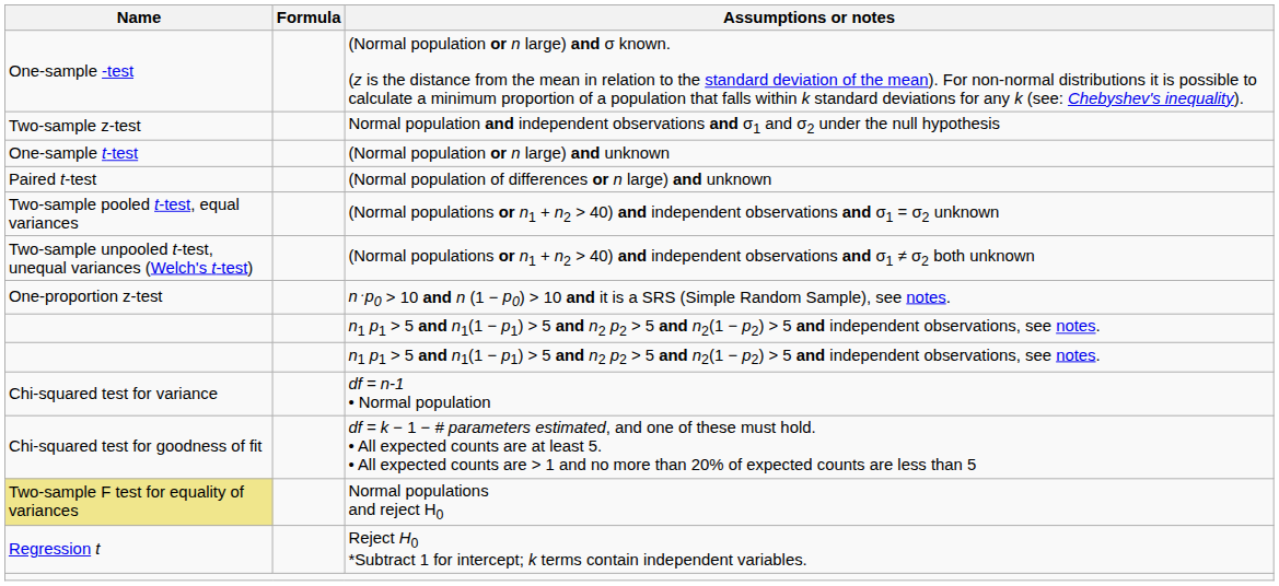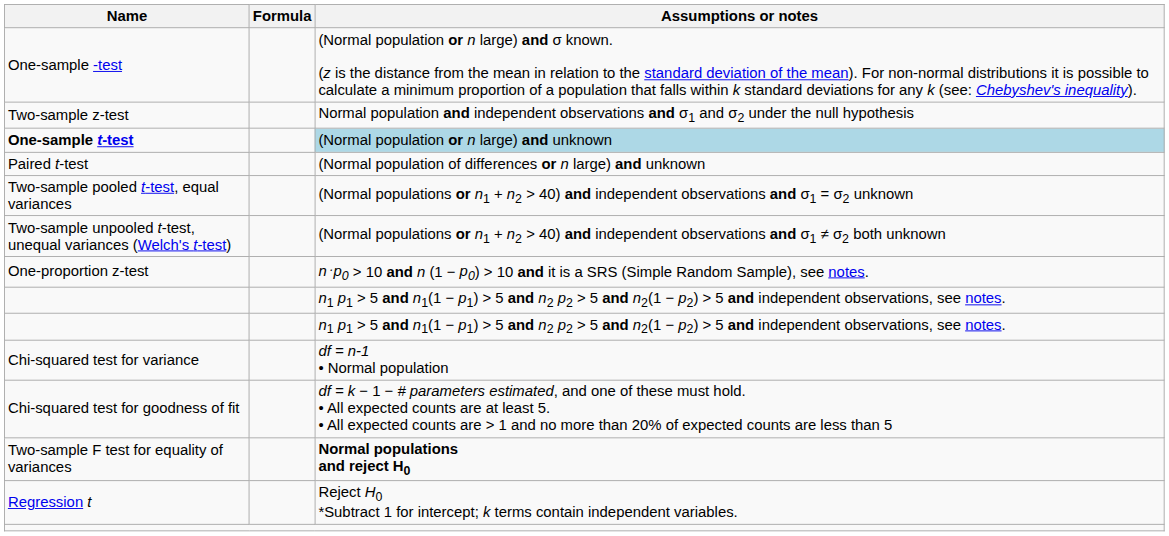 <table class="wikitable">
 <tr>
 <th>Name</th>
 <th>Formula</th>
 <th>Assumptions or notes</th>
 </tr>
 <tr>
 <td>One-sample <a href='#'> -test</a></td>
 <td align=center></td>
 <td>(Normal population <strong>or</strong> <em>n</em> large) <strong>and</strong> σ known. <br><br>(<em>z</em> is the distance from the mean in relation to the <a href='#'>standard deviation of the mean</a>). For non-normal distributions it is possible to calculate a minimum proportion of a population that falls within <em>k</em> standard deviations for any <em>k</em> (see: <em><a href='#'>Chebyshev's inequality</a></em>).</td>
 </tr>
 <tr>
 <td>Two-sample z-test</td>
 <td align=center></td>
 <td>Normal population <strong>and</strong> independent observations <strong>and</strong> σ<sub>1</sub> and σ<sub>2</sub> under the null hypothesis</td>
 </tr>
 <tr>
-<td>One-sample <a href='#'><em>t</em>-test</a></td>
+<td><strong>One-sample <a href='#'><em>t</em>-test</a></strong></td>
 <td align=center> <br></td>
-<td>(Normal population <strong>or</strong> <em>n</em> large) <strong>and</strong> unknown</td>
+<td style="background: lightblue;">(Normal population <strong>or</strong> <em>n</em> large) <strong>and</strong> unknown</td>
 </tr>
 <tr>
 <td>Paired <em>t</em>-test</td>
 <td align="center"><br></td>
 <td>(Normal population of differences <strong>or</strong> <em>n</em> large) <strong>and</strong> unknown</td>
 </tr>
 <tr>
 <td>Two-sample pooled <a href='#'><em>t</em>-test</a>, equal variances</td>
 <td align="center"><br><br></td>
 <td>(Normal populations <strong>or</strong> <em>n</em><sub>1</sub> + <em>n</em><sub>2</sub> > 40) <strong>and</strong> independent observations <strong>and</strong> σ<sub>1</sub> = σ<sub>2</sub> unknown</td>
 </tr>
 <tr>
 <td>Two-sample unpooled <em>t</em>-test, unequal variances (<a href='#'>Welch's <em>t</em>-test</a>)</td>
 <td align="center"><br><br></td>
 <td>(Normal populations <strong>or</strong> <em>n</em><sub>1</sub> + <em>n</em><sub>2</sub> > 40) <strong>and</strong> independent observations <strong>and</strong> σ<sub>1</sub> ≠ σ<sub>2</sub> both unknown</td>
 </tr>
 <tr>
 <td>One-proportion z-test</td>
 <td align="center"></td>
 <td><em>n<sup> .</sup>p<sub>0</sub></em> > 10 <strong>and</strong> <em>n</em> (1 − <em>p<sub>0</sub></em>) > 10 <strong>and</strong> it is a SRS (Simple Random Sample), see <a href='#'>notes</a>.</td>
 </tr>
 <tr>
 <td></td>
 <td align="center"><br></td>
 <td><em>n</em><sub>1</sub> <em>p</em><sub>1</sub> > 5 <strong>and</strong> <em>n</em><sub>1</sub>(1 − <em>p</em><sub>1</sub>) > 5 <strong>and</strong> <em>n</em><sub>2</sub> <em>p</em><sub>2</sub> > 5 <strong>and</strong> <em>n</em><sub>2</sub>(1 − <em>p</em><sub>2</sub>) > 5 <strong>and</strong> independent observations, see <a href='#'>notes</a>.</td>
 </tr>
 <tr>
 <td></td>
 <td align="center"></td>
 <td><em>n</em><sub>1</sub> <em>p</em><sub>1</sub> > 5 <strong>and</strong> <em>n</em><sub>1</sub>(1 − <em>p</em><sub>1</sub>) > 5 <strong>and</strong> <em>n</em><sub>2</sub> <em>p</em><sub>2</sub> > 5 <strong>and</strong> <em>n</em><sub>2</sub>(1 − <em>p</em><sub>2</sub>) > 5 <strong>and</strong> independent observations, see <a href='#'>notes</a>.</td>
 </tr>
 <tr>
 <td>Chi-squared test for variance</td>
 <td align="center"></td>
 <td><em>df = n-1</em><br>• Normal population</td>
 </tr>
 <tr>
 <td>Chi-squared test for goodness of fit</td>
 <td align="center"></td>
 <td><em>df = k</em> − 1 − <em># parameters estimated</em>, and one of these must hold.<br>• All expected counts are at least 5.<br>• All expected counts are > 1 and no more than 20% of expected counts are less than 5</td>
 </tr>
 <tr>
-<td style="background: khaki;">Two-sample F test for equality of variances</td>
+<td>Two-sample F test for equality of variances</td>
 <td align="center"></td>
-<td>Normal populations<br> and reject H<sub>0</sub></td>
+<td><strong>Normal populations<br> and reject H<sub>0</sub></strong></td>
 </tr>
 <tr>
 <td><a href='#'>Regression</a> <em>t</em></td>
 <td align="center"></td>
 <td>Reject <em>H</em><sub>0</sub><br>*Subtract 1 for intercept; <em>k</em> terms contain independent variables.</td>
 </tr>
 <tr>
 <td colspan="3"></td>
 </tr>
 </table>
